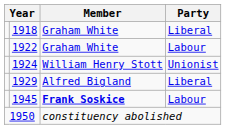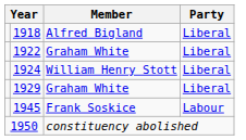 <table class="wikitable">
 <tr>
 <th colspan="2">Year</th>
 <th>Member</th>
 <th>Party</th>
 </tr>
 <tr>
 <td style="color:inherit;background-color: "></td>
 <td><a href='#'>1918</a></td>
-<td><a href='#'>Graham White</a></td>
+<td><a href='#'>Alfred Bigland</a></td>
 <td><a href='#'>Liberal</a></td>
 </tr>
 <tr>
 <td style="color:inherit;background-color: "></td>
 <td><a href='#'>1922</a></td>
 <td><a href='#'>Graham White</a></td>
-<td><a href='#'>Labour</a></td>
+<td><a href='#'>Liberal</a></td>
 </tr>
 <tr>
 <td style="color:inherit;background-color: "></td>
 <td><a href='#'>1924</a></td>
 <td><a href='#'>William Henry Stott</a></td>
-<td><a href='#'>Unionist</a></td>
+<td><a href='#'>Liberal</a></td>
 </tr>
 <tr>
 <td style="color:inherit;background-color: "></td>
 <td><a href='#'>1929</a></td>
-<td><a href='#'>Alfred Bigland</a></td>
+<td><a href='#'>Graham White</a></td>
 <td><a href='#'>Liberal</a></td>
 </tr>
 <tr>
 <td style="color:inherit;background-color: "></td>
 <td><a href='#'>1945</a></td>
-<td><strong><a href='#'>Frank Soskice</a></strong></td>
+<td><a href='#'>Frank Soskice</a></td>
 <td><a href='#'>Labour</a></td>
 </tr>
 <tr>
 <td colspan="2" align="center"><a href='#'>1950</a></td>
 <td colspan="2"><em>constituency abolished</em></td>
 </tr>
 </table>
